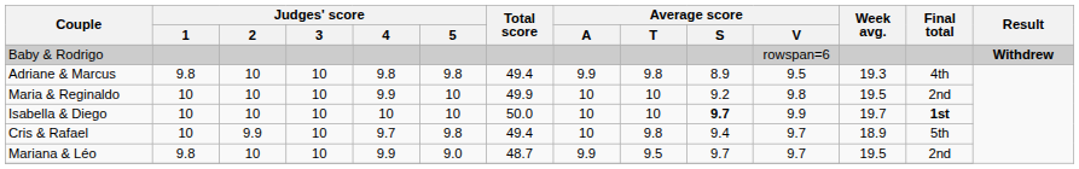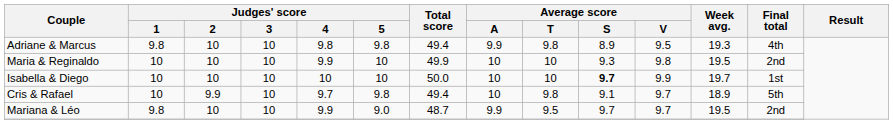 <table class="wikitable" style="font-size:100%; line-height:16px; text-align:center" width="100%">
 <tr>
 <th rowspan=2 style="width:11.0%;">Couple</th>
 <th colspan=5 style="width:25.0%;">Judges' score</th>
 <th rowspan=2 style="width:05.0%;">Total score</th>
 <th colspan=4 style="width:20.0%;">Average score</th>
 <th rowspan=2 style="width:05.0%;">Week avg.</th>
 <th rowspan=2 style="width:05.0%;">Final total</th>
 <th rowspan=2 style="width:07.5%;">Result</th>
 </tr>
 <tr>
 <th style="width:05.0%;">1</th>
 <th style="width:05.0%;">2</th>
 <th style="width:05.0%;">3</th>
 <th style="width:05.0%;">4</th>
 <th style="width:05.0%;">5</th>
 <th style="width:05.0%;">A</th>
 <th style="width:05.0%;">T</th>
 <th style="width:05.0%;">S</th>
 <th style="width:05.0%;">V</th>
-</tr>
-<tr bgcolor="CCCCCC">
-<td align="left">Baby & Rodrigo</td>
-<td></td>
-<td></td>
-<td></td>
-<td></td>
-<td></td>
-<td></td>
-<td></td>
-<td></td>
-<td></td>
-<td>rowspan=6 </td>
-<td></td>
-<td></td>
-<td><strong>Withdrew</strong></td>
 </tr>
 <tr>
 <td align="left">Adriane & Marcus</td>
 <td>9.8</td>
 <td>10</td>
 <td>10</td>
 <td>9.8</td>
 <td>9.8</td>
 <td>49.4</td>
 <td>9.9</td>
 <td>9.8</td>
 <td>8.9</td>
 <td>9.5</td>
 <td>19.3</td>
 <td>4th</td>
 </tr>
 <tr>
 <td align="left">Maria & Reginaldo</td>
 <td>10</td>
 <td>10</td>
 <td>10</td>
 <td>9.9</td>
 <td>10</td>
 <td>49.9</td>
 <td>10</td>
 <td>10</td>
-<td>9.2</td>
+<td>9.3</td>
 <td>9.8</td>
 <td>19.5</td>
 <td>2nd</td>
 </tr>
 <tr>
 <td align="left">Isabella & Diego</td>
 <td>10</td>
 <td>10</td>
 <td>10</td>
 <td>10</td>
 <td>10</td>
 <td>50.0</td>
 <td>10</td>
 <td>10</td>
 <td><strong>9.7</strong></td>
 <td>9.9</td>
 <td>19.7</td>
-<td><strong>1st</strong></td>
+<td>1st</td>
 </tr>
 <tr>
 <td align="left">Cris & Rafael</td>
 <td>10</td>
 <td>9.9</td>
 <td>10</td>
 <td>9.7</td>
 <td>9.8</td>
 <td>49.4</td>
 <td>10</td>
 <td>9.8</td>
-<td>9.4</td>
+<td>9.1</td>
 <td>9.7</td>
 <td>18.9</td>
 <td>5th</td>
 </tr>
 <tr>
 <td align="left">Mariana & Léo</td>
 <td>9.8</td>
 <td>10</td>
 <td>10</td>
 <td>9.9</td>
 <td>9.0</td>
 <td>48.7</td>
 <td>9.9</td>
 <td>9.5</td>
 <td>9.7</td>
 <td>9.7</td>
 <td>19.5</td>
 <td>2nd</td>
 </tr>
 <tr>
 </tr>
 </table>
